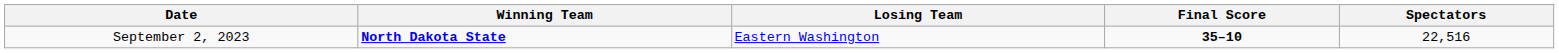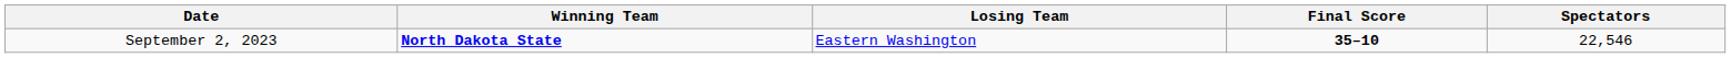 <table class="wikitable" style="text-align:left; width:95%;" style="text-align:center">
 <tr>
 <th style="text-align:center; ">Date</th>
 <th style="text-align:center; ">Winning Team</th>
 <th style="text-align:center; ">Losing Team</th>
 <th style="text-align:center; ">Final Score</th>
 <th style="text-align:center; ">Spectators</th>
 </tr>
 <tr>
 <td style="text-align:center;">September 2, 2023</td>
 <td><strong><a href='#'>North Dakota State</a></strong></td>
 <td><a href='#'>Eastern Washington</a></td>
 <td style="text-align:center"><strong>35–10</strong></td>
-<td style="text-align:center;">22,516</td>
+<td style="text-align:center;">22,546</td>
 </tr>
 </table>
